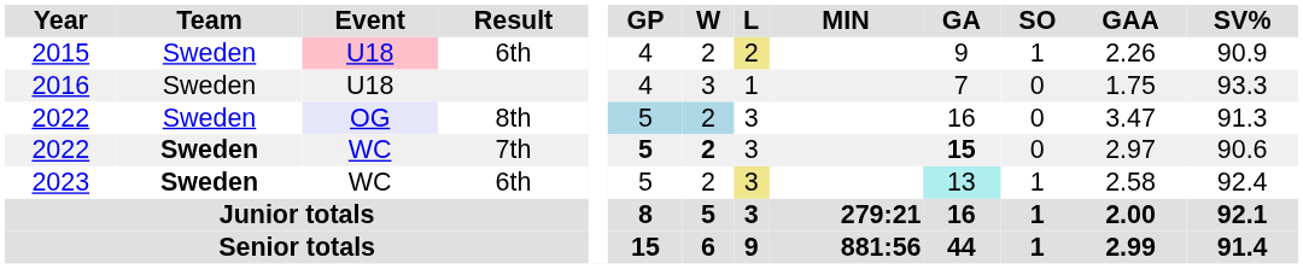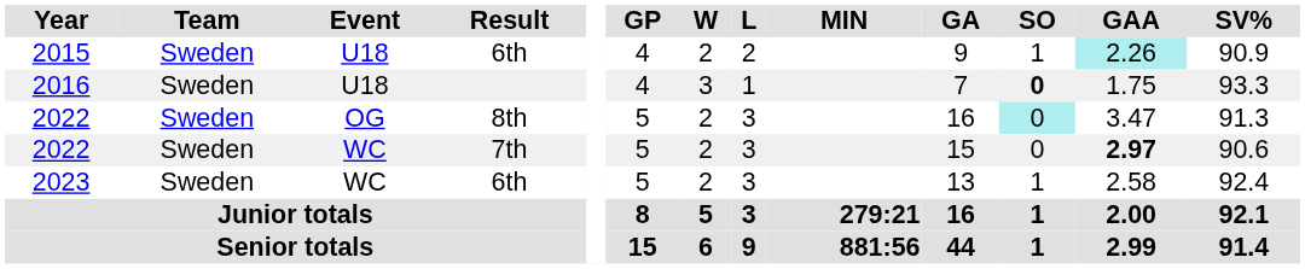 <table border="0" cellpadding="1" cellspacing="0" style="text-align:center; width:50em">
 <tr bgcolor="#e0e0e0">
 <th>Year</th>
 <th>Team</th>
 <th>Event</th>
 <th>Result</th>
 <th rowspan="97" bgcolor="#ffffff"> </th>
 <th>GP</th>
 <th>W</th>
 <th>L</th>
 <th>MIN</th>
 <th>GA</th>
 <th>SO</th>
 <th>GAA</th>
 <th>SV%</th>
 </tr>
 <tr>
 <td><a href='#'>2015</a></td>
 <td><a href='#'>Sweden</a></td>
-<td style="background: pink;"><a href='#'>U18</a></td>
+<td><a href='#'>U18</a></td>
 <td>6th</td>
 <td>4</td>
 <td>2</td>
-<td style="background: khaki;">2</td>
+<td>2</td>
 <td></td>
 <td>9</td>
 <td>1</td>
-<td>2.26</td>
+<td style="background: paleturquoise;">2.26</td>
 <td>90.9</td>
 </tr>
 <tr bgcolor="#f0f0f0">
 <td><a href='#'>2016</a></td>
 <td>Sweden</td>
 <td>U18</td>
 <td></td>
 <td>4</td>
 <td>3</td>
 <td>1</td>
 <td></td>
 <td>7</td>
-<td>0</td>
+<td><strong>0</strong></td>
 <td>1.75</td>
 <td>93.3</td>
 </tr>
 <tr>
 <td><a href='#'>2022</a></td>
 <td><a href='#'>Sweden</a></td>
-<td style="background: lavender;"><a href='#'>OG</a></td>
+<td><a href='#'>OG</a></td>
 <td>8th</td>
-<td style="background: lightblue;">5</td>
-<td style="background: lightblue;">2</td>
+<td>5</td>
+<td>2</td>
 <td>3</td>
 <td></td>
 <td>16</td>
-<td>0</td>
+<td style="background: paleturquoise;">0</td>
 <td>3.47</td>
 <td>91.3</td>
 </tr>
 <tr bgcolor="#f0f0f0">
 <td><a href='#'>2022</a></td>
-<td><strong>Sweden</strong></td>
+<td>Sweden</td>
 <td><a href='#'>WC</a></td>
 <td>7th</td>
-<td><strong>5</strong></td>
-<td><strong>2</strong></td>
+<td>5</td>
+<td>2</td>
 <td>3</td>
 <td></td>
-<td><strong>15</strong></td>
+<td>15</td>
 <td>0</td>
-<td>2.97</td>
+<td><strong>2.97</strong></td>
 <td>90.6</td>
 </tr>
 <tr>
 <td><a href='#'>2023</a></td>
-<td><strong>Sweden</strong></td>
+<td>Sweden</td>
 <td>WC</td>
 <td>6th</td>
 <td>5</td>
 <td>2</td>
-<td style="background: khaki;">3</td>
+<td>3</td>
 <td></td>
-<td style="background: paleturquoise;">13</td>
+<td>13</td>
 <td>1</td>
 <td>2.58</td>
 <td>92.4</td>
 </tr>
 <tr bgcolor="#e0e0e0">
 <th colspan=4>Junior totals</th>
 <th>8</th>
 <th>5</th>
 <th>3</th>
 <th align=right>279:21</th>
 <th>16</th>
 <th>1</th>
 <th>2.00</th>
 <th>92.1</th>
 </tr>
 <tr bgcolor="#e0e0e0">
 <th colspan=4>Senior totals</th>
 <th>15</th>
 <th>6</th>
 <th>9</th>
 <th align="right">881:56</th>
 <th>44</th>
 <th>1</th>
 <th>2.99</th>
 <th>91.4</th>
 </tr>
 </table>
